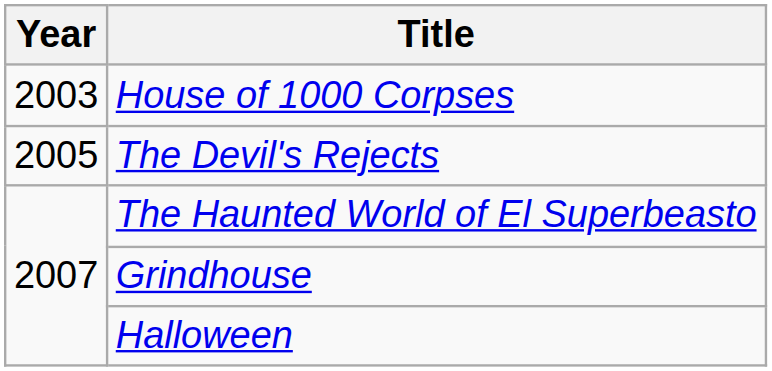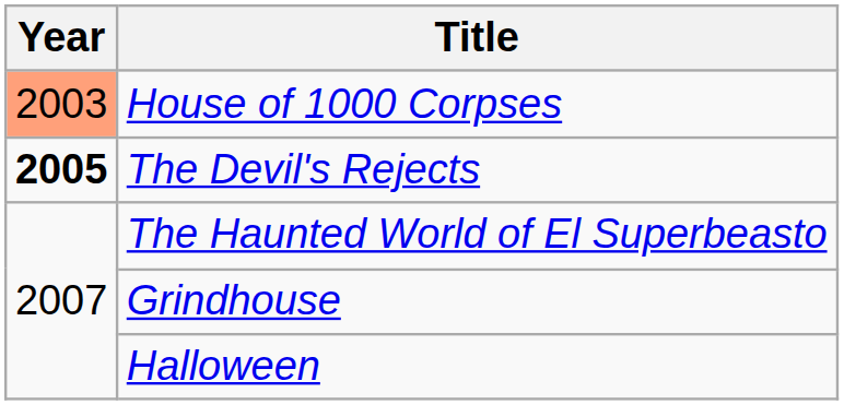 <table class="wikitable">
 <tr>
 <th>Year</th>
 <th>Title</th>
 </tr>
 <tr>
-<td>2003</td>
+<td style="background: lightsalmon;">2003</td>
 <td><em><a href='#'>House of 1000 Corpses</a></em></td>
 </tr>
 <tr>
-<td>2005</td>
+<td><strong>2005</strong></td>
 <td><em><a href='#'>The Devil's Rejects</a></em></td>
 </tr>
 <tr>
 <td rowspan="3">2007</td>
 <td><em><a href='#'>The Haunted World of El Superbeasto</a></em></td>
 </tr>
 <tr>
 <td><em><a href='#'>Grindhouse</a></em></td>
 </tr>
 <tr>
 <td><em><a href='#'>Halloween</a></em></td>
 </tr>
 </table>
